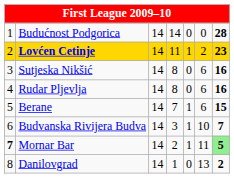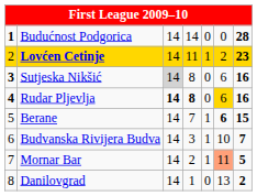 <table class="wikitable" style="text-align:center">
 <tr>
 <th colspan=10 style="background:red;color:white;">First League 2009–10</th>
 </tr>
 <tr>
-<td>1</td>
+<td><strong>1</strong></td>
 <td align=left><a href='#'>Budućnost Podgorica</a></td>
 <td>14</td>
 <td>14</td>
 <td>0</td>
 <td>0</td>
 <td><strong>28</strong></td>
 </tr>
 <tr style="background:gold;">
 <td>2</td>
 <td align=left><strong><a href='#'>Lovćen Cetinje</a></strong></td>
 <td>14</td>
 <td>11</td>
 <td>1</td>
 <td>2</td>
 <td><strong>23</strong></td>
 </tr>
 <tr>
-<td>3</td>
+<td><strong>3</strong></td>
 <td align=left><a href='#'>Sutjeska Nikšić</a></td>
-<td>14</td>
+<td style="background: lightgrey;">14</td>
 <td>8</td>
 <td>0</td>
 <td>6</td>
 <td><strong>16</strong></td>
 </tr>
 <tr>
-<td>4</td>
+<td><strong>4</strong></td>
 <td align=left><a href='#'>Rudar Pljevlja</a></td>
-<td>14</td>
-<td>8</td>
+<td><strong>14</strong></td>
+<td><strong>8</strong></td>
 <td>0</td>
-<td>6</td>
+<td style="background: gold;">6</td>
 <td><strong>16</strong></td>
 </tr>
 <tr>
 <td>5</td>
 <td align=left><a href='#'>Berane</a></td>
 <td>14</td>
 <td>7</td>
 <td>1</td>
-<td>6</td>
+<td><strong>6</strong></td>
 <td><strong>15</strong></td>
 </tr>
 <tr>
 <td>6</td>
 <td align=left><a href='#'>Budvanska Rivijera Budva</a></td>
 <td>14</td>
 <td>3</td>
 <td>1</td>
 <td>10</td>
 <td><strong>7</strong></td>
 </tr>
 <tr>
-<td><strong>7</strong></td>
+<td>7</td>
 <td align=left><a href='#'>Mornar Bar</a></td>
 <td>14</td>
 <td>2</td>
 <td>1</td>
-<td>11</td>
-<td style="background: lightgreen;"><strong>5</strong></td>
+<td style="background: lightsalmon;">11</td>
+<td><strong>5</strong></td>
 </tr>
 <tr>
 <td>8</td>
 <td align=left><a href='#'>Danilovgrad</a></td>
 <td>14</td>
 <td>1</td>
 <td>0</td>
 <td>13</td>
 <td><strong>2</strong></td>
 </tr>
 </table>
